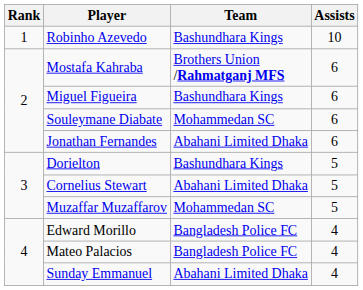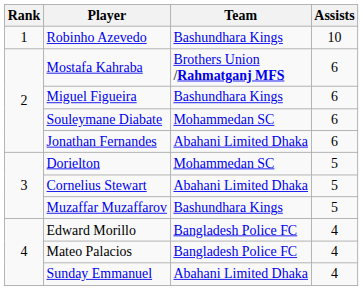 <table class="wikitable" style="text-align:center">
 <tr>
 <th style="text-align:center">Rank</th>
 <th style="text-align:center">Player</th>
 <th style="text-align:center">Team</th>
 <th style="text-align:center">Assists</th>
 </tr>
 <tr>
 <td>1</td>
 <td align="left"> <a href='#'>Robinho Azevedo</a></td>
 <td align="left"><a href='#'>Bashundhara Kings</a></td>
 <td>10</td>
 </tr>
 <tr>
 <td rowspan=4>2</td>
 <td align="left"> <a href='#'>Mostafa Kahraba</a></td>
 <td align="left"><a href='#'>Brothers Union</a><br>/<strong><a href='#'>Rahmatganj MFS</a></strong></td>
 <td>6</td>
 </tr>
 <tr>
 <td align="left"> <a href='#'>Miguel Figueira</a></td>
 <td align="left"><a href='#'>Bashundhara Kings</a></td>
 <td>6</td>
 </tr>
 <tr>
 <td align="left"> <a href='#'>Souleymane Diabate</a></td>
 <td align="left"><a href='#'>Mohammedan SC</a></td>
 <td>6</td>
 </tr>
 <tr>
 <td align="left"><a href='#'>Jonathan Fernandes</a></td>
 <td align="left"><a href='#'>Abahani Limited Dhaka</a></td>
 <td>6</td>
 </tr>
 <tr>
 <td rowspan=3>3</td>
 <td align="left"> <a href='#'>Dorielton</a></td>
-<td align="left"><a href='#'>Bashundhara Kings</a></td>
+<td align="left"><a href='#'>Mohammedan SC</a></td>
 <td>5</td>
 </tr>
 <tr>
 <td align="left"> <a href='#'>Cornelius Stewart</a></td>
 <td align="left"><a href='#'>Abahani Limited Dhaka</a></td>
 <td>5</td>
 </tr>
 <tr>
 <td align="left"> <a href='#'>Muzaffar Muzaffarov</a></td>
-<td align="left"><a href='#'>Mohammedan SC</a></td>
+<td align="left"><a href='#'>Bashundhara Kings</a></td>
 <td>5</td>
 </tr>
 <tr>
 <td rowspan=3>4</td>
 <td align="left"> Edward Morillo</td>
 <td align="left"><a href='#'>Bangladesh Police FC</a></td>
 <td>4</td>
 </tr>
 <tr>
 <td align="left"> Mateo Palacios</td>
 <td align="left"><a href='#'>Bangladesh Police FC</a></td>
 <td>4</td>
 </tr>
 <tr>
 <td align="left"> <a href='#'>Sunday Emmanuel</a></td>
 <td align="left"><a href='#'>Abahani Limited Dhaka</a></td>
 <td>4</td>
 </tr>
 </table>
